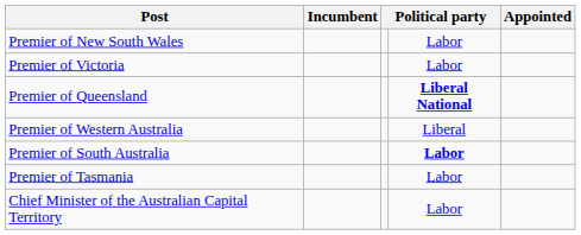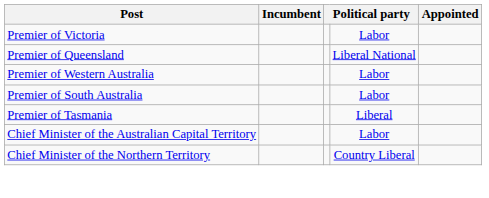 <table class="wikitable sortable">
 <tr>
 <th>Post</th>
 <th>Incumbent</th>
 <th colspan="2">Political party</th>
 <th>Appointed</th>
-</tr>
-<tr>
-<td><a href='#'>Premier of New South Wales</a></td>
-<td> </td>
-<td style="background-color: "></td>
-<td style="text-align:center"><a href='#'>Labor</a></td>
-<td></td>
 </tr>
 <tr>
 <td><a href='#'>Premier of Victoria</a></td>
 <td>  </td>
 <td style="background-color: "></td>
 <td style="text-align:center"><a href='#'>Labor</a></td>
 <td></td>
 </tr>
 <tr>
 <td><a href='#'>Premier of Queensland</a></td>
 <td> </td>
 <td style="background-color: "></td>
-<td style="text-align:center"><strong><a href='#'>Liberal National</a></strong></td>
+<td style="text-align:center"><a href='#'>Liberal National</a></td>
 <td></td>
 </tr>
 <tr>
 <td><a href='#'>Premier of Western Australia</a></td>
 <td> </td>
 <td style="background-color: "></td>
-<td style="text-align:center"><a href='#'>Liberal</a></td>
+<td style="text-align:center"><a href='#'>Labor</a></td>
 <td></td>
 </tr>
 <tr>
 <td><a href='#'>Premier of South Australia</a></td>
 <td> </td>
 <td style="background-color: "></td>
-<td style="text-align:center"><strong><a href='#'>Labor</a></strong></td>
+<td style="text-align:center"><a href='#'>Labor</a></td>
 <td></td>
 </tr>
 <tr>
 <td><a href='#'>Premier of Tasmania</a></td>
 <td> </td>
 <td style="background-color: "></td>
-<td style="text-align:center"><a href='#'>Labor</a></td>
+<td style="text-align:center"><a href='#'>Liberal</a></td>
 <td></td>
 </tr>
 <tr>
 <td><a href='#'>Chief Minister of the Australian Capital Territory</a></td>
 <td> </td>
 <td style="background-color: "></td>
 <td style="text-align:center"><a href='#'>Labor</a></td>
 <td></td>
 </tr>
+<tr>
+<td><a href='#'>Chief Minister of the Northern Territory</a></td>
+<td> </td>
+<td style="background-color: "></td>
+<td style="text-align:center"><a href='#'>Country Liberal</a></td>
+<td></td>
+</tr>
 </table>
